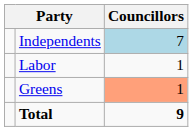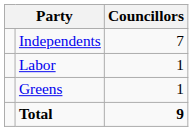 <table class="wikitable">
 <tr>
 <th colspan="2">Party</th>
 <th>Councillors</th>
 </tr>
 <tr>
 <td> </td>
 <td><a href='#'>Independents</a></td>
-<td align=right style="background: lightblue;">7</td>
+<td align=right>7</td>
 </tr>
 <tr>
 <td> </td>
 <td><a href='#'>Labor</a></td>
 <td align=right>1</td>
 </tr>
 <tr>
 <td> </td>
 <td><a href='#'>Greens</a></td>
-<td align=right style="background: lightsalmon;">1</td>
+<td align=right>1</td>
 </tr>
 <tr>
 <td></td>
 <td><strong>Total</strong></td>
 <td align=right><strong>9</strong></td>
 </tr>
 </table>
